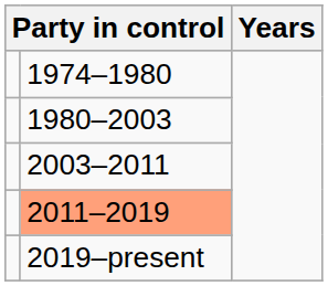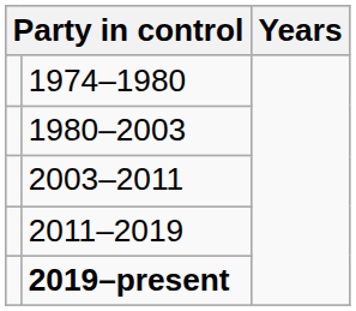 <table class="wikitable">
 <tr>
 <th colspan="2">Party in control</th>
 <th>Years</th>
 </tr>
 <tr>
 <td></td>
 <td>1974–1980</td>
 </tr>
 <tr>
 <td></td>
 <td>1980–2003</td>
 </tr>
 <tr>
 <td></td>
 <td>2003–2011</td>
 </tr>
 <tr>
 <td></td>
-<td style="background: lightsalmon;">2011–2019</td>
+<td>2011–2019</td>
 </tr>
 <tr>
 <td></td>
-<td>2019–present</td>
+<td><strong>2019–present</strong></td>
 </tr>
 </table>
